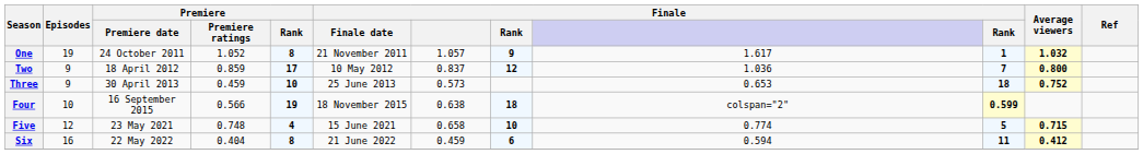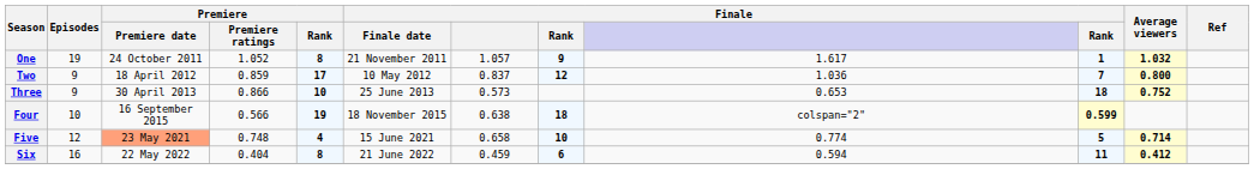 <table class="wikitable plainrowheaders" style="text-align:center;">
 <tr style="background:#DCDCDC;">
 <th rowspan="2" style="width:3%;" scope="col" style="width:10em;" scope="col" style="background:#CECEF2; color:black;">Season</th>
 <th rowspan="2" style="width:3%;" scope="col" style="width:10em;" scope="col" style="background:#CECEF2; color:black;">Episodes</th>
 <th colspan="3" scope="col" style="width:10em;" scope="col" style="background:#CECEF2; color:black;">Premiere</th>
 <th colspan="5" scope="col" style="width:10em;" scope="col" style="background:#CECEF2; color:black;">Finale</th>
 <th rowspan="2" style="width:5%;" scope="col" style="width:10em;" scope="col" style="background:#CECEF2; color:black;">Average viewers<br></th>
 <th rowspan="2" style="width:5%;" scope="col" style="width:10em;" scope="col" style="background:#CECEF2; color:black;">Ref</th>
 </tr>
 <tr>
 <th scope="col" style="width:10em;" scope="col" style="background:#CECEF2; color:black;">Premiere date</th>
 <th scope="col" style="width:8em;" scope="col" style="background:#CECEF2; color:black;">Premiere<br>ratings</th>
 <th scope="col" style="width:4em;" scope="col" style="background:#CECEF2; color:black;">Rank</th>
 <th scope="col" style="width:10em;" scope="col" style="background:#CECEF2; color:black;">Finale date</th>
 <th scope="col" style="width:8em;" scope="col" style="background:#CECEF2; color:black;"><strong></strong><br><em><small></small></em></th>
 <th scope="col" style="width:4em;" scope="col" style="background:#CECEF2; color:black;">Rank</th>
 <th scope="col" scope="col" style="background:#CECEF2; color:black;"><strong></strong><br><em><small></small></em></th>
 <th scope="col" style="width:4em;" scope="col" style="background:#CECEF2; color:black;">Rank</th>
 </tr>
 <tr>
 <th scope="row" style="background:#white;"><a href='#'><strong>One</strong></a></th>
 <td>19</td>
 <td>24 October 2011</td>
 <td>1.052</td>
 <td style="background:#F0F8FF"><strong>8</strong></td>
 <td>21 November 2011</td>
 <td>1.057</td>
 <td style="background:#F0F8FF"><strong>9</strong></td>
 <td>1.617</td>
 <td style="background:#F0F8FF"><strong>1</strong></td>
 <td style="background:#FFFDD0"><strong>1.032</strong></td>
 <td></td>
 </tr>
 <tr>
 <th scope="row" style="background:#white;"><a href='#'><strong>Two</strong></a></th>
 <td>9</td>
 <td>18 April 2012</td>
 <td>0.859</td>
 <td style="background:#F0F8FF"><strong>17</strong></td>
 <td>10 May 2012</td>
 <td>0.837</td>
 <td style="background:#F0F8FF"><strong>12</strong></td>
 <td>1.036</td>
 <td style="background:#F0F8FF"><strong>7</strong></td>
 <td style="background:#FFFDD0"><strong>0.800</strong></td>
 <td></td>
 </tr>
 <tr>
 <th scope="row" style="background:#white;"><a href='#'><strong>Three</strong></a></th>
 <td>9</td>
 <td>30 April 2013</td>
-<td>0.459</td>
+<td>0.866</td>
 <td style="background:#F0F8FF"><strong>10</strong></td>
 <td>25 June 2013</td>
 <td>0.573</td>
 <td></td>
 <td>0.653</td>
 <td style="background:#F0F8FF"><strong>18</strong></td>
 <td style="background:#FFFDD0"><strong>0.752</strong></td>
 <td></td>
 </tr>
 <tr>
 <th scope="row" style="background:#white;"><a href='#'><strong>Four</strong></a></th>
 <td>10</td>
 <td>16 September 2015</td>
 <td>0.566</td>
 <th style="background:#F0F8FF">19</th>
 <td>18 November 2015</td>
 <td>0.638</td>
 <td style="background:#F0F8FF"><strong>18</strong></td>
 <td>colspan="2" </td>
 <th style="background:#FFFDD0">0.599</th>
 <td></td>
 </tr>
 <tr>
 <th scope="row" style="background:#white;"><a href='#'><strong>Five</strong></a></th>
 <td>12</td>
-<td>23 May 2021</td>
+<td style="background: lightsalmon;">23 May 2021</td>
 <td>0.748</td>
 <th style="background:#F0F8FF"><strong>4</strong></th>
 <td>15 June 2021</td>
 <td>0.658</td>
 <td style="background:#F0F8FF"><strong>10</strong></td>
 <td>0.774</td>
 <td style="background:#F0F8FF"><strong>5</strong></td>
-<th style="background:#FFFDD0">0.715</th>
+<th style="background:#FFFDD0">0.714</th>
 <td></td>
 </tr>
 <tr>
 <th scope="row" style="background:#white;"><a href='#'><strong>Six</strong></a></th>
 <td>16</td>
 <td>22 May 2022</td>
 <td>0.404</td>
 <th style="background:#F0F8FF"><strong>8</strong></th>
 <td>21 June 2022</td>
 <td>0.459</td>
 <td style="background:#F0F8FF"><strong>6</strong></td>
 <td>0.594</td>
 <td style="background:#F0F8FF"><strong>11</strong></td>
 <th style="background:#FFFDD0">0.412</th>
 <td></td>
 </tr>
 <tr>
 </tr>
 </table>
